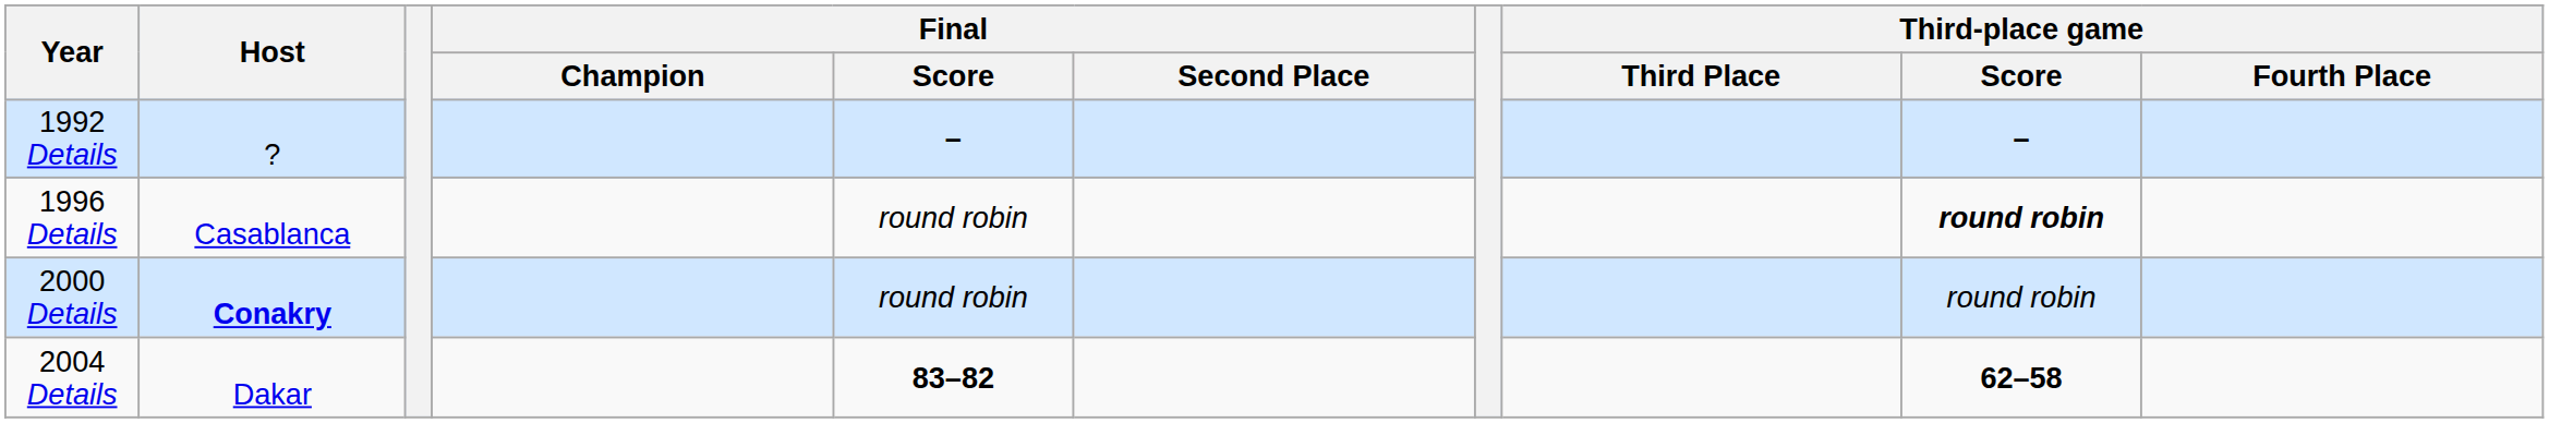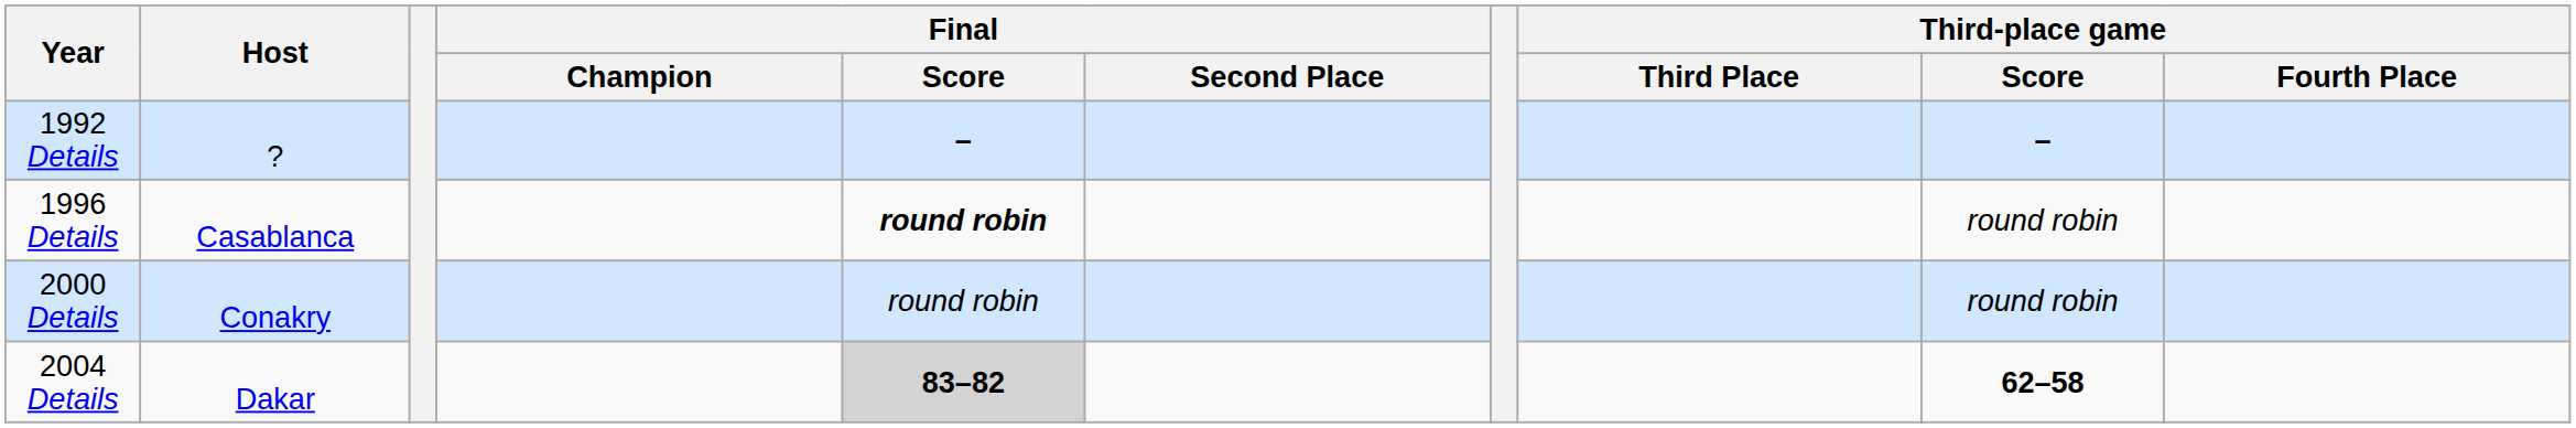 <table class="wikitable" style="font-size:90%; width: 98%; text-align: center;">
 <tr bgcolor=#C1D8FF>
 <th rowspan=2 width=5%>Year</th>
 <th rowspan=2 width=10%>Host</th>
 <th width=1% rowspan=6 bgcolor=ffffff></th>
 <th colspan=3>Final</th>
 <th width=1% rowspan=6 bgcolor=ffffff></th>
 <th colspan=3>Third-place game</th>
 </tr>
 <tr bgcolor=#FFD4E4>
 <th width=15%>Champion</th>
 <th width=9%>Score</th>
 <th width=15%>Second Place</th>
 <th width=15%>Third Place</th>
 <th width=9%>Score</th>
 <th width=15%>Fourth Place</th>
 </tr>
 <tr bgcolor= #D0E7FF>
 <td>1992 <br> <em><a href='#'>Details</a></em></td>
 <td><br>?</td>
 <td><strong></strong></td>
 <td><strong> – </strong></td>
 <td></td>
 <td></td>
 <td><strong> – </strong></td>
 <td></td>
 </tr>
 <tr>
 <td>1996 <br> <em><a href='#'>Details</a></em></td>
 <td><br><a href='#'>Casablanca</a></td>
 <td><strong></strong></td>
-<td><em> round robin </em></td>
+<td><strong><em> round robin </em></strong></td>
 <td></td>
 <td></td>
-<td><strong><em> round robin </em></strong></td>
+<td><em> round robin </em></td>
 <td></td>
 </tr>
 <tr bgcolor= #D0E7FF>
 <td>2000 <br> <em><a href='#'>Details</a></em></td>
-<td><strong><br><a href='#'>Conakry</a></strong></td>
+<td><br><a href='#'>Conakry</a></td>
 <td><strong></strong></td>
 <td><em> round robin </em></td>
 <td></td>
 <td></td>
 <td><em> round robin </em></td>
 <td></td>
 </tr>
 <tr>
 <td>2004 <br> <em><a href='#'>Details</a></em></td>
 <td><br><a href='#'>Dakar</a></td>
 <td><strong></strong></td>
-<td><strong> 83–82 </strong></td>
+<td style="background: lightgrey;"><strong> 83–82 </strong></td>
 <td></td>
 <td></td>
 <td><strong> 62–58 </strong></td>
 <td></td>
 </tr>
 </table>
